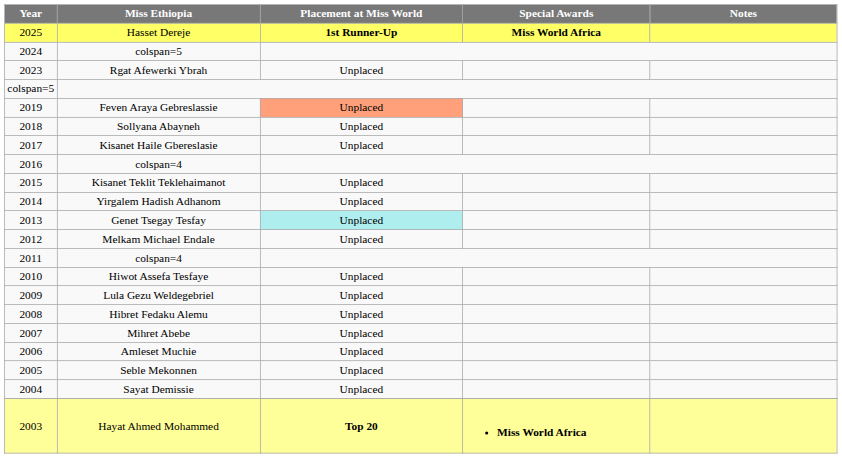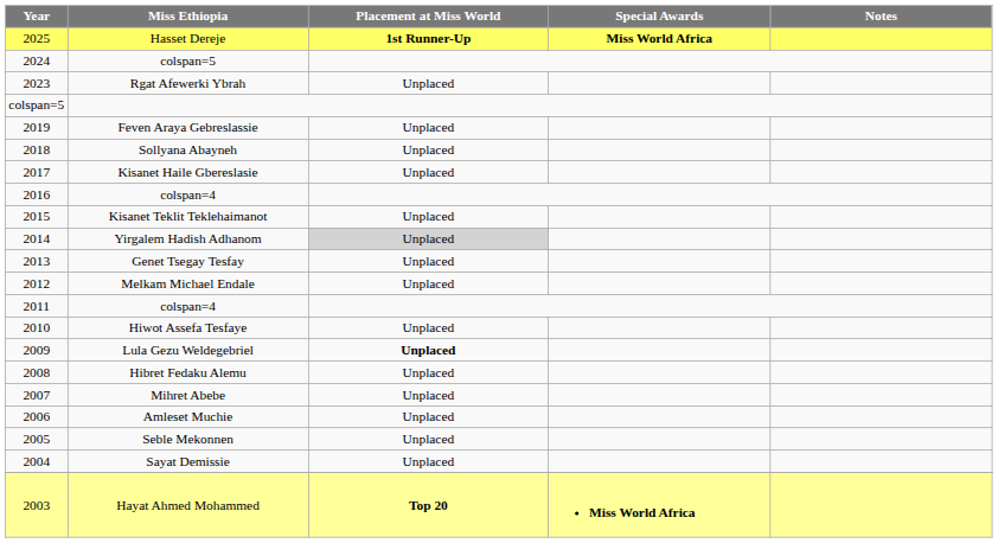 <table class="wikitable" style="font-size: 90%; text-align:center">
 <tr>
 <th width="60" style="background-color:#787878;color:#FFFFFF;">Year</th>
 <th width="250" style="background-color:#787878;color:#FFFFFF;">Miss Ethiopia</th>
 <th width="250" style="background-color:#787878;color:#FFFFFF;">Placement at Miss World</th>
 <th width="230" style="background-color:#787878;color:#FFFFFF;">Special Awards</th>
 <th width="230" style="background-color:#787878;color:#FFFFFF;">Notes</th>
 </tr>
 <tr style="background-color:#FFFF66;">
 <td>2025</td>
 <td>Hasset Dereje</td>
 <td><strong>1st Runner-Up</strong></td>
 <td><strong>Miss World Africa</strong></td>
 <td></td>
 </tr>
 <tr>
 <td>2024</td>
 <td>colspan=5 </td>
 </tr>
 <tr>
 <td>2023</td>
 <td>Rgat Afewerki Ybrah</td>
 <td>Unplaced</td>
 <td></td>
 <td></td>
 </tr>
 <tr>
 <td>colspan=5 </td>
 </tr>
 <tr>
 <td>2019</td>
 <td>Feven Araya Gebreslassie</td>
-<td style="background: lightsalmon;">Unplaced</td>
+<td>Unplaced</td>
 <td></td>
 <td></td>
 </tr>
 <tr>
 <td>2018</td>
 <td>Sollyana Abayneh</td>
 <td>Unplaced</td>
 <td></td>
 <td></td>
 </tr>
 <tr>
 <td>2017</td>
 <td>Kisanet Haile Gbereslasie</td>
 <td>Unplaced</td>
 <td></td>
 <td></td>
 </tr>
 <tr>
 <td>2016</td>
 <td>colspan=4 </td>
 </tr>
 <tr>
 <td>2015</td>
 <td>Kisanet Teklit Teklehaimanot</td>
 <td>Unplaced</td>
 <td></td>
 <td></td>
 </tr>
 <tr>
 <td>2014</td>
 <td>Yirgalem Hadish Adhanom</td>
-<td>Unplaced</td>
+<td style="background: lightgrey;">Unplaced</td>
 <td></td>
 <td></td>
 </tr>
 <tr>
 <td>2013</td>
 <td>Genet Tsegay Tesfay</td>
-<td style="background: paleturquoise;">Unplaced</td>
+<td>Unplaced</td>
 <td></td>
 <td></td>
 </tr>
 <tr>
 <td>2012</td>
 <td>Melkam Michael Endale</td>
 <td>Unplaced</td>
 <td></td>
 <td></td>
 </tr>
 <tr>
 <td>2011</td>
 <td>colspan=4 </td>
 </tr>
 <tr>
 <td>2010</td>
 <td>Hiwot Assefa Tesfaye</td>
 <td>Unplaced</td>
 <td></td>
 <td></td>
 </tr>
 <tr>
 <td>2009</td>
 <td>Lula Gezu Weldegebriel</td>
-<td>Unplaced</td>
+<td><strong>Unplaced</strong></td>
 <td></td>
 <td></td>
 </tr>
 <tr>
 <td>2008</td>
 <td>Hibret Fedaku Alemu</td>
 <td>Unplaced</td>
 <td></td>
 <td></td>
 </tr>
 <tr>
 <td>2007</td>
 <td>Mihret Abebe</td>
 <td>Unplaced</td>
 <td></td>
 <td></td>
 </tr>
 <tr>
 <td>2006</td>
 <td>Amleset Muchie</td>
 <td>Unplaced</td>
 <td></td>
 <td></td>
 </tr>
 <tr>
 <td>2005</td>
 <td>Seble Mekonnen</td>
 <td>Unplaced</td>
 <td></td>
 <td></td>
 </tr>
 <tr>
 <td>2004</td>
 <td>Sayat Demissie</td>
 <td>Unplaced</td>
 <td></td>
 <td></td>
 </tr>
 <tr>
 </tr>
 <tr style="background-color:#FFFF99; ">
 <td>2003</td>
 <td>Hayat Ahmed Mohammed</td>
 <td><strong>Top 20</strong></td>
 <td align="left"><br><ul><li><strong>Miss World Africa</strong></li></ul></td>
 <td></td>
 </tr>
 </table>
